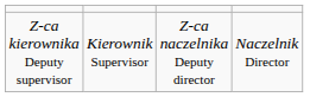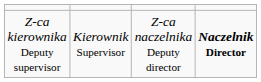 <table class=wikitable width=20% cellpadding=3px>
 <tr>
 <td align=center width=10%></td>
 <td align=center width=10%></td>
 <td align=center width=10%></td>
 <td align=center width=10%></td>
 </tr>
 <tr>
 <td align=center><em>Z-ca kierownika</em> <br><small>Deputy supervisor</small></td>
 <td align=center><em>Kierownik</em> <br><small>Supervisor</small></td>
 <td align=center><em>Z-ca naczelnika</em> <br><small>Deputy director</small></td>
-<td align=center><em>Naczelnik</em> <br><small>Director</small></td>
+<td align=center><strong><em>Naczelnik</em> <br><small>Director</small></strong></td>
 </tr>
 </table>
